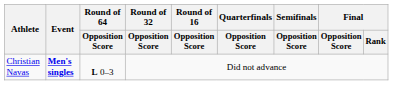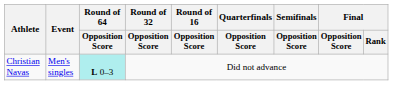 <table class=wikitable style="font-size:90%">
 <tr>
 <th rowspan=2>Athlete</th>
 <th rowspan=2>Event</th>
 <th>Round of 64</th>
 <th>Round of 32</th>
 <th>Round of 16</th>
 <th>Quarterfinals</th>
 <th>Semifinals</th>
 <th colspan=2>Final</th>
 </tr>
 <tr style="font-size:95%">
 <th>Opposition<br>Score</th>
 <th>Opposition<br>Score</th>
 <th>Opposition<br>Score</th>
 <th>Opposition<br>Score</th>
 <th>Opposition<br>Score</th>
 <th>Opposition<br>Score</th>
 <th>Rank</th>
 </tr>
 <tr align=center>
 <td align=left><a href='#'>Christian Navas</a></td>
-<td align=left><strong><a href='#'>Men's singles</a></strong></td>
-<td><br> <strong>L</strong> 0–3</td>
+<td align=left><a href='#'>Men's singles</a></td>
+<td style="background: paleturquoise;"><br> <strong>L</strong> 0–3</td>
 <td colspan=6>Did not advance</td>
 </tr>
 </table>
